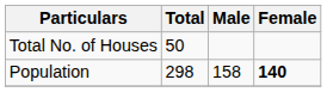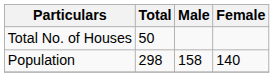 <table class="wikitable sortable">
 <tr>
 <th>Particulars</th>
 <th>Total</th>
 <th>Male</th>
 <th>Female</th>
 </tr>
 <tr>
 <td>Total No. of Houses</td>
 <td>50</td>
 <td></td>
 <td></td>
 </tr>
 <tr>
 <td>Population</td>
 <td>298</td>
 <td>158</td>
-<td><strong>140</strong></td>
+<td>140</td>
 </tr>
 <tr>
 </tr>
 </table>
